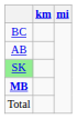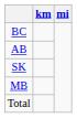 <table class="wikitable sortable" style="margin-right: 12pt; margin-bottom: 16pt; float: left; clear:left; text-align:center;">
 <tr>
 <th class="unsortable"> </th>
 <th><a href='#'>km</a></th>
 <th><a href='#'>mi</a></th>
 </tr>
 <tr>
 <td><a href='#'>BC</a></td>
 <td></td>
 </tr>
 <tr>
 <td><a href='#'>AB</a></td>
 <td></td>
 </tr>
 <tr>
-<td style="background: lightgreen;"><a href='#'>SK</a></td>
+<td><a href='#'>SK</a></td>
 <td></td>
 </tr>
 <tr>
-<td><strong><a href='#'>MB</a></strong></td>
+<td><a href='#'>MB</a></td>
 <td></td>
 </tr>
 <tr>
 <td>Total</td>
 <td></td>
 </tr>
 </table>
